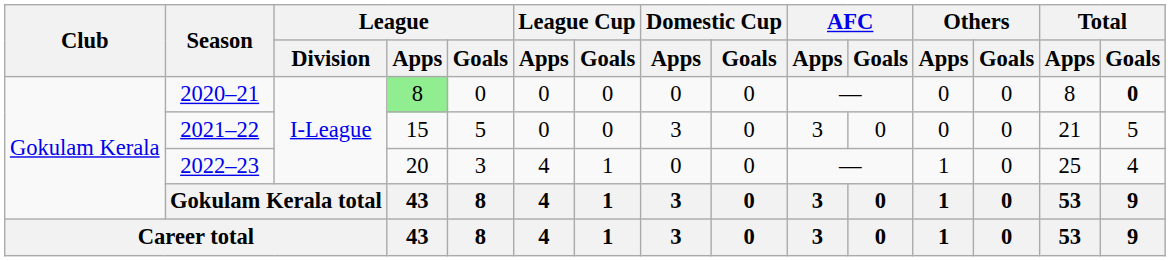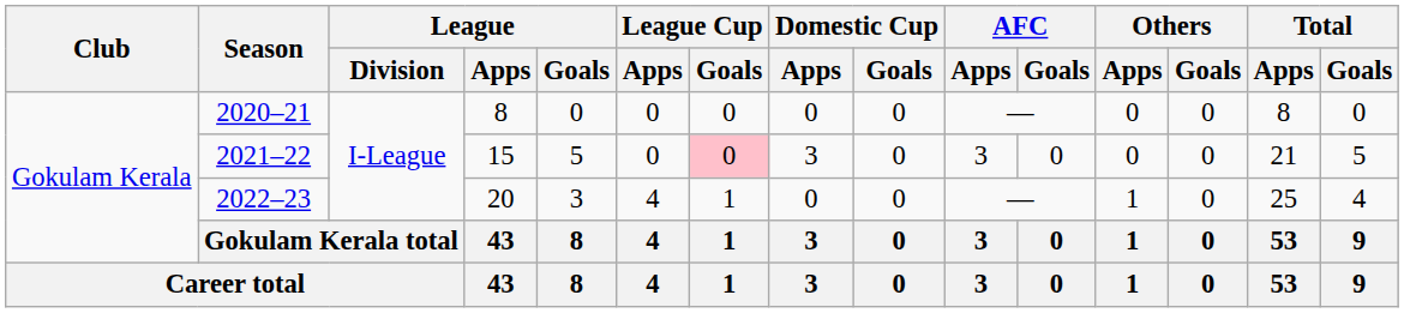 <table class="wikitable" style="text-align: center;">
 <tr>
 <th rowspan="2">Club</th>
 <th rowspan="2">Season</th>
 <th colspan="3">League</th>
 <th colspan="2">League Cup</th>
 <th colspan="2">Domestic Cup</th>
 <th colspan="2"><a href='#'>AFC</a></th>
 <th colspan="2">Others</th>
 <th colspan="2">Total</th>
 </tr>
 <tr>
 <th>Division</th>
 <th>Apps</th>
 <th>Goals</th>
 <th>Apps</th>
 <th>Goals</th>
 <th>Apps</th>
 <th>Goals</th>
 <th>Apps</th>
 <th>Goals</th>
 <th>Apps</th>
 <th>Goals</th>
 <th>Apps</th>
 <th>Goals</th>
 </tr>
 <tr>
 <td rowspan="4"><a href='#'>Gokulam Kerala</a></td>
 <td><a href='#'>2020–21</a></td>
 <td rowspan="3"><a href='#'>I-League</a></td>
-<td style="background: lightgreen;">8</td>
+<td>8</td>
 <td>0</td>
 <td>0</td>
 <td>0</td>
 <td>0</td>
 <td>0</td>
 <td colspan="2">—</td>
 <td>0</td>
 <td>0</td>
 <td>8</td>
-<td><strong>0</strong></td>
+<td>0</td>
 </tr>
 <tr>
 <td><a href='#'>2021–22</a></td>
 <td>15</td>
 <td>5</td>
 <td>0</td>
-<td>0</td>
+<td style="background: pink;">0</td>
 <td>3</td>
 <td>0</td>
 <td>3</td>
 <td>0</td>
 <td>0</td>
 <td>0</td>
 <td>21</td>
 <td>5</td>
 </tr>
 <tr>
 <td><a href='#'>2022–23</a></td>
 <td>20</td>
 <td>3</td>
 <td>4</td>
 <td>1</td>
 <td>0</td>
 <td>0</td>
 <td colspan="2">—</td>
 <td>1</td>
 <td>0</td>
 <td>25</td>
 <td>4</td>
 </tr>
 <tr>
 <th colspan="2">Gokulam Kerala total</th>
 <th>43</th>
 <th>8</th>
 <th>4</th>
 <th>1</th>
 <th>3</th>
 <th>0</th>
 <th>3</th>
 <th>0</th>
 <th>1</th>
 <th>0</th>
 <th>53</th>
 <th>9</th>
 </tr>
 <tr>
 <th colspan="3">Career total</th>
 <th>43</th>
 <th>8</th>
 <th>4</th>
 <th>1</th>
 <th>3</th>
 <th>0</th>
 <th>3</th>
 <th>0</th>
 <th>1</th>
 <th>0</th>
 <th>53</th>
 <th>9</th>
 </tr>
 </table>
